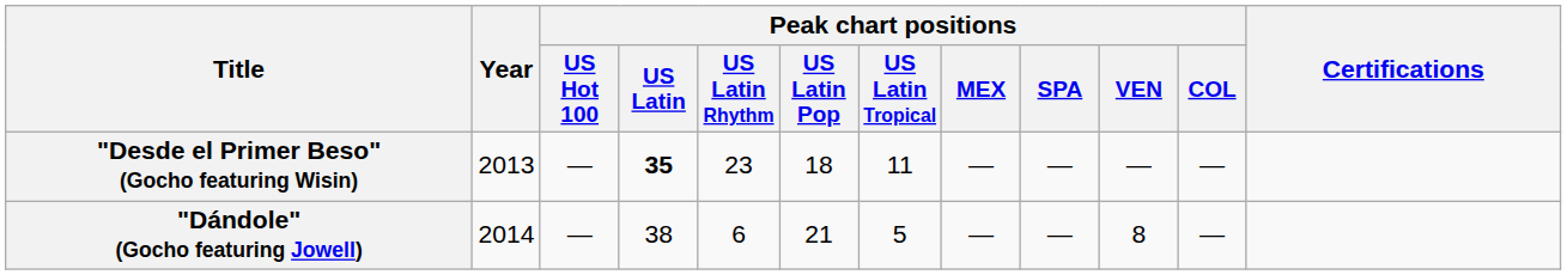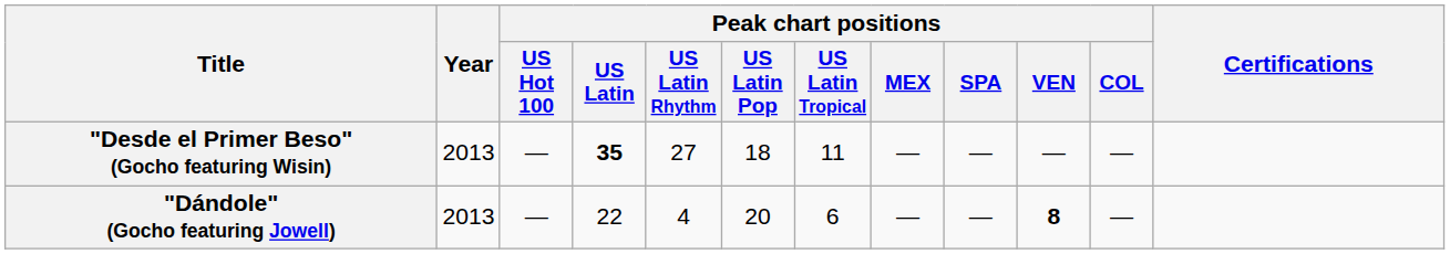 <table class="wikitable plainrowheaders" border="1" style="text-align:center;">
 <tr>
 <th rowspan="2" scope="col" style="width:18em;">Title</th>
 <th rowspan="2" scope="col">Year</th>
 <th colspan="9" scope="col">Peak chart positions</th>
 <th rowspan="2" scope="col" style="width:12em;"><a href='#'>Certifications</a></th>
 </tr>
 <tr>
 <th scope="col" style="width:3em;font-size:90%;"><a href='#'>US Hot 100</a></th>
 <th scope="col" style="width:3em;font-size:90%;"><a href='#'>US</a><br><a href='#'>Latin</a> </th>
 <th scope="col" style="width:3em;font-size:90%;"><a href='#'>US</a><br><a href='#'>Latin <small>Rhythm</small></a> </th>
 <th scope="col" style="width:3em;font-size:90%;"><a href='#'>US</a><br><a href='#'>Latin</a> <a href='#'>Pop</a></th>
 <th scope="col" style="width:3em;font-size:90%;"><a href='#'>US</a><br><a href='#'>Latin <small>Tropical</small></a> </th>
 <th scope="col" style="width:3em;font-size:90%;"><a href='#'>MEX</a></th>
 <th scope="col" style="width:3em;font-size:90%;"><a href='#'>SPA</a></th>
 <th scope="col" style="width:3em;font-size:90%;"><a href='#'>VEN</a></th>
 <th scope="col" style="width:2.5em;font-size:90%;"><a href='#'>COL</a></th>
 </tr>
 <tr>
 <th scope="row">"Desde el Primer Beso"<br><small>(Gocho featuring Wisin)</small></th>
 <td>2013</td>
 <td>—</td>
 <td><strong>35</strong></td>
-<td>23</td>
+<td>27</td>
 <td>18</td>
 <td>11</td>
 <td>—</td>
 <td>—</td>
 <td>—</td>
 <td>—</td>
 <td></td>
 </tr>
 <tr>
 <th scope="row">"Dándole"<br><small>(Gocho featuring <a href='#'>Jowell</a>)</small></th>
-<td>2014</td>
+<td>2013</td>
 <td>—</td>
-<td>38</td>
+<td>22</td>
+<td>4</td>
+<td>20</td>
 <td>6</td>
-<td>21</td>
-<td>5</td>
 <td>—</td>
 <td>—</td>
-<td>8</td>
+<td><strong>8</strong></td>
 <td>—</td>
 <td></td>
 </tr>
 </table>
